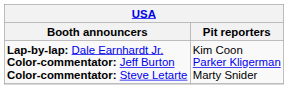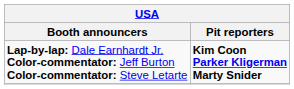 <table class="wikitable" style="font-size: 95%">
 <tr>
 <th colspan="2"><a href='#'>USA</a></th>
 </tr>
 <tr>
 <th>Booth announcers</th>
 <th>Pit reporters</th>
 </tr>
 <tr>
 <td><strong>Lap-by-lap:</strong> <a href='#'>Dale Earnhardt Jr.</a><br><strong>Color-commentator:</strong> <a href='#'>Jeff Burton</a><br><strong>Color-commentator:</strong> <a href='#'>Steve Letarte</a></td>
-<td>Kim Coon<br><a href='#'>Parker Kligerman</a><br>Marty Snider</td>
+<td><strong>Kim Coon<br><a href='#'>Parker Kligerman</a><br>Marty Snider</strong></td>
 </tr>
 <tr>
 </tr>
 </table>
